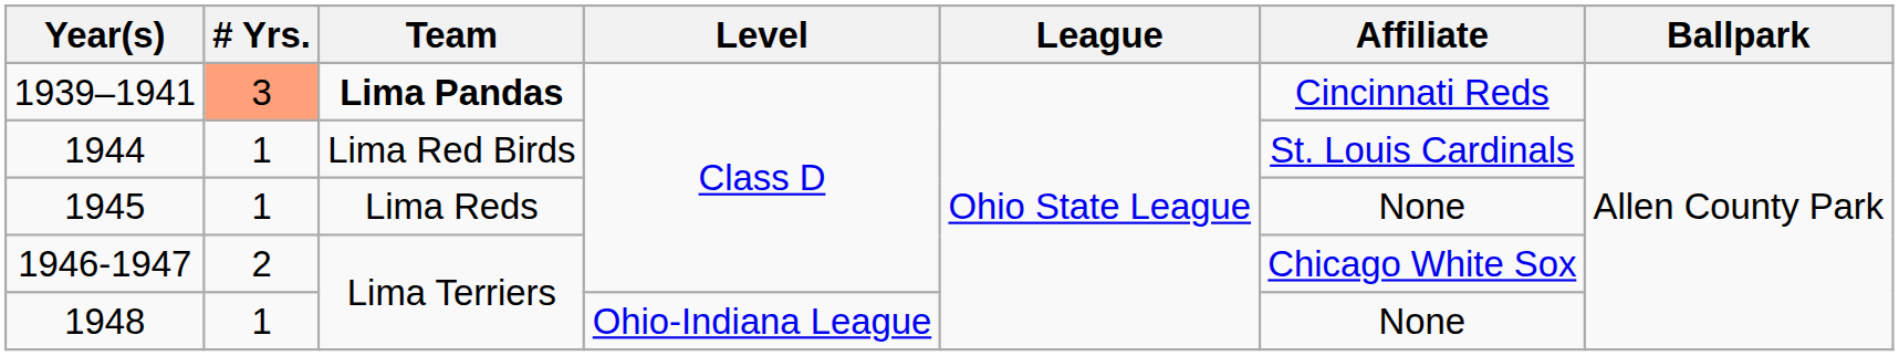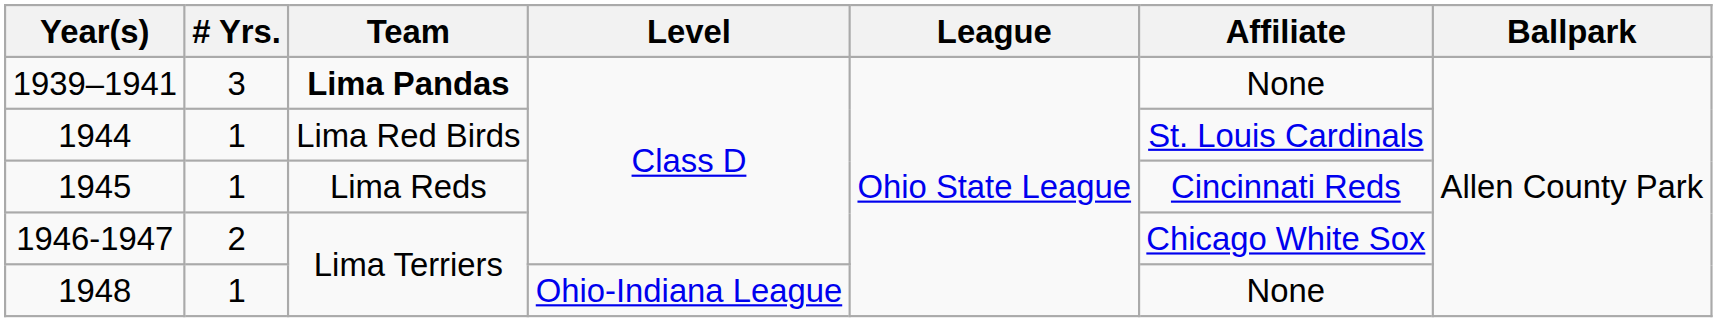 <table class="wikitable" style="text-align:center; font-size: 95%;">
 <tr>
 <th>Year(s)</th>
 <th># Yrs.</th>
 <th>Team</th>
 <th>Level</th>
 <th>League</th>
 <th>Affiliate</th>
 <th>Ballpark</th>
 </tr>
 <tr>
 <td>1939–1941</td>
-<td style="background: lightsalmon;">3</td>
+<td>3</td>
 <td><strong>Lima Pandas</strong></td>
 <td rowspan=4><a href='#'>Class D</a></td>
 <td rowspan=5><a href='#'>Ohio State League</a></td>
-<td><a href='#'>Cincinnati Reds</a></td>
+<td>None</td>
 <td rowspan=5>Allen County Park</td>
 </tr>
 <tr>
 <td>1944</td>
 <td>1</td>
 <td>Lima Red Birds</td>
 <td><a href='#'>St. Louis Cardinals</a></td>
 </tr>
 <tr>
 <td>1945</td>
 <td>1</td>
 <td>Lima Reds</td>
-<td>None</td>
+<td><a href='#'>Cincinnati Reds</a></td>
 </tr>
 <tr>
 <td>1946-1947</td>
 <td>2</td>
 <td rowspan=2>Lima Terriers</td>
 <td><a href='#'>Chicago White Sox</a></td>
 </tr>
 <tr>
 <td>1948</td>
 <td>1</td>
 <td><a href='#'>Ohio-Indiana League</a></td>
 <td>None</td>
 </tr>
 </table>
